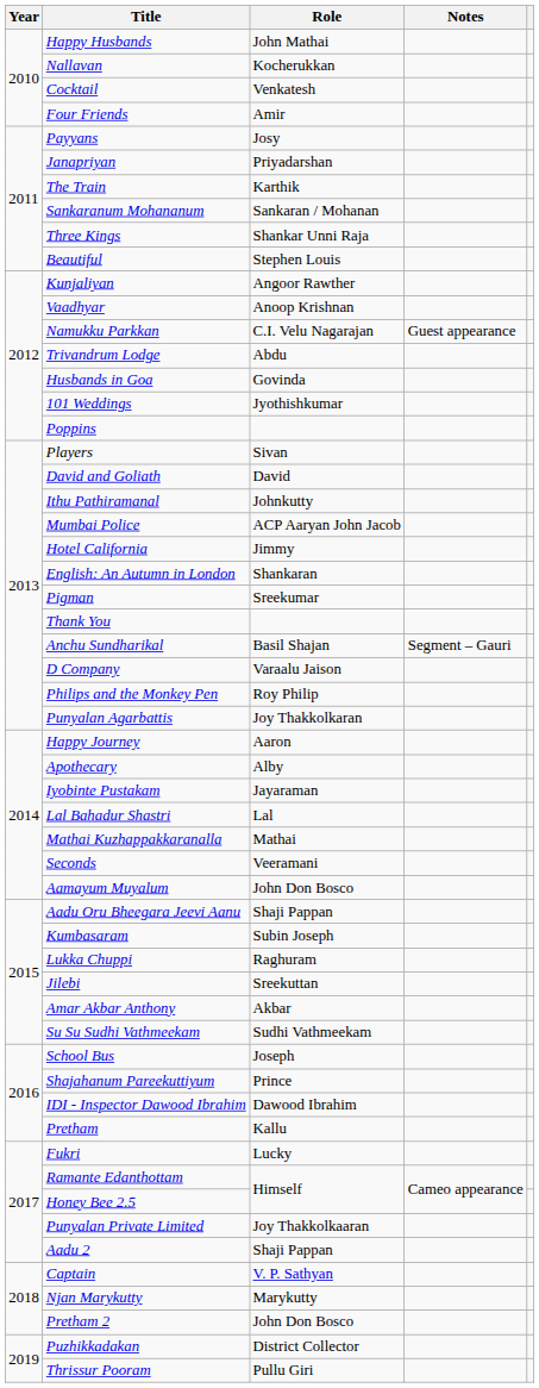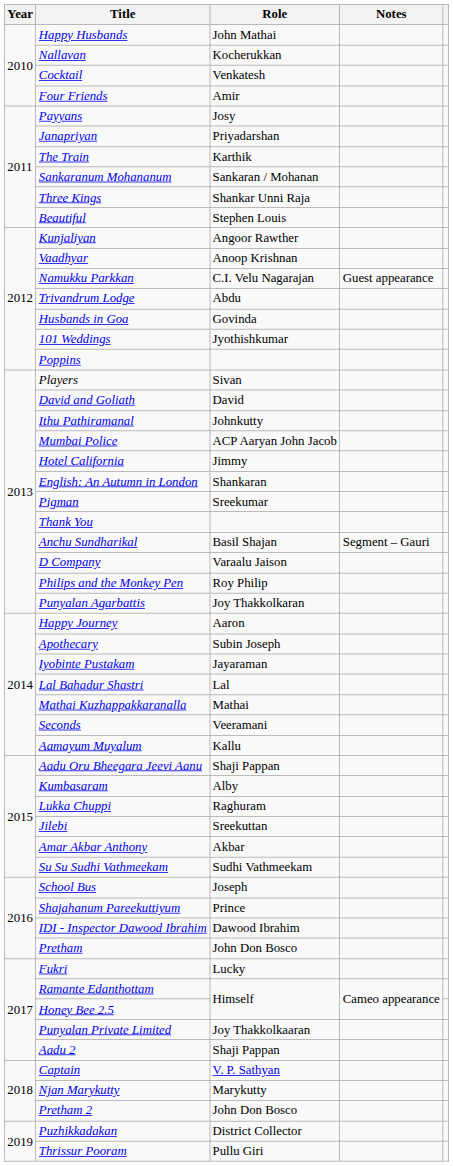 <table class="wikitable sortable">
 <tr>
 <th scope="col">Year</th>
 <th scope="col">Title</th>
 <th scope="col">Role</th>
 <th scope="col" class="unsortable">Notes</th>
 <th scope="col" class="unsortable"></th>
 </tr>
 <tr>
 <td rowspan="4">2010</td>
 <td><em><a href='#'>Happy Husbands</a></em></td>
 <td>John Mathai</td>
 <td></td>
 <td></td>
 </tr>
 <tr>
 <td><em><a href='#'>Nallavan</a></em></td>
 <td>Kocherukkan</td>
 <td></td>
 <td></td>
 </tr>
 <tr>
 <td><em><a href='#'>Cocktail</a></em></td>
 <td>Venkatesh</td>
 <td></td>
 <td></td>
 </tr>
 <tr>
 <td><em><a href='#'>Four Friends</a></em></td>
 <td>Amir</td>
 <td></td>
 <td></td>
 </tr>
 <tr>
 <td rowspan="6">2011</td>
 <td><em><a href='#'>Payyans</a></em></td>
 <td>Josy</td>
 <td></td>
 <td></td>
 </tr>
 <tr>
 <td><em><a href='#'>Janapriyan</a></em></td>
 <td>Priyadarshan</td>
 <td></td>
 <td></td>
 </tr>
 <tr>
 <td><em><a href='#'>The Train</a></em></td>
 <td>Karthik</td>
 <td></td>
 <td></td>
 </tr>
 <tr>
 <td><em><a href='#'>Sankaranum Mohananum</a></em></td>
 <td>Sankaran / Mohanan</td>
 <td></td>
 <td></td>
 </tr>
 <tr>
 <td><em><a href='#'>Three Kings</a></em></td>
 <td>Shankar Unni Raja</td>
 <td></td>
 <td></td>
 </tr>
 <tr>
 <td><em><a href='#'>Beautiful</a></em></td>
 <td>Stephen Louis</td>
 <td></td>
 <td></td>
 </tr>
 <tr>
 <td rowspan="7">2012</td>
 <td><em><a href='#'>Kunjaliyan</a></em></td>
 <td>Angoor Rawther</td>
 <td></td>
 <td></td>
 </tr>
 <tr>
 <td><em><a href='#'>Vaadhyar</a></em></td>
 <td>Anoop Krishnan</td>
 <td></td>
 <td></td>
 </tr>
 <tr>
 <td><em><a href='#'>Namukku Parkkan</a></em></td>
 <td>C.I. Velu Nagarajan</td>
 <td>Guest appearance</td>
 <td></td>
 </tr>
 <tr>
 <td><em><a href='#'>Trivandrum Lodge</a></em></td>
 <td>Abdu</td>
 <td></td>
 <td></td>
 </tr>
 <tr>
 <td><em><a href='#'>Husbands in Goa</a></em></td>
 <td>Govinda</td>
 <td></td>
 <td></td>
 </tr>
 <tr>
 <td><em><a href='#'>101 Weddings</a></em></td>
 <td>Jyothishkumar</td>
 <td></td>
 <td></td>
 </tr>
 <tr>
 <td><em><a href='#'>Poppins</a></em></td>
 <td></td>
 <td></td>
 <td></td>
 </tr>
 <tr>
 <td rowspan="12">2013</td>
 <td><em>Players</em></td>
 <td>Sivan</td>
 <td></td>
 <td></td>
 </tr>
 <tr>
 <td><em><a href='#'>David and Goliath</a></em></td>
 <td>David</td>
 <td></td>
 <td></td>
 </tr>
 <tr>
 <td><em><a href='#'>Ithu Pathiramanal</a></em></td>
 <td>Johnkutty</td>
 <td></td>
 <td></td>
 </tr>
 <tr>
 <td><em><a href='#'>Mumbai Police</a></em></td>
 <td>ACP Aaryan John Jacob</td>
 <td></td>
 <td></td>
 </tr>
 <tr>
 <td><em><a href='#'>Hotel California</a></em></td>
 <td>Jimmy</td>
 <td></td>
 <td></td>
 </tr>
 <tr>
 <td><em><a href='#'>English: An Autumn in London</a></em></td>
 <td>Shankaran</td>
 <td></td>
 <td></td>
 </tr>
 <tr>
 <td><em><a href='#'>Pigman</a></em></td>
 <td>Sreekumar</td>
 <td></td>
 <td></td>
 </tr>
 <tr>
 <td><em><a href='#'>Thank You</a></em></td>
 <td></td>
 <td></td>
 <td></td>
 </tr>
 <tr>
 <td><em><a href='#'>Anchu Sundharikal</a></em></td>
 <td>Basil Shajan</td>
 <td>Segment – Gauri</td>
 <td></td>
 </tr>
 <tr>
 <td><em><a href='#'>D Company</a></em></td>
 <td>Varaalu Jaison</td>
 <td></td>
 <td></td>
 </tr>
 <tr>
 <td><em><a href='#'>Philips and the Monkey Pen</a></em></td>
 <td>Roy Philip</td>
 <td></td>
 <td></td>
 </tr>
 <tr>
 <td><em><a href='#'>Punyalan Agarbattis</a></em></td>
 <td>Joy Thakkolkaran</td>
 <td></td>
 <td></td>
 </tr>
 <tr>
 <td rowspan="7">2014</td>
 <td><em><a href='#'>Happy Journey</a></em></td>
 <td>Aaron</td>
 <td></td>
 <td></td>
 </tr>
 <tr>
 <td><em><a href='#'>Apothecary</a></em></td>
-<td>Alby</td>
+<td>Subin Joseph</td>
 <td></td>
 <td></td>
 </tr>
 <tr>
 <td><em><a href='#'>Iyobinte Pustakam</a></em></td>
 <td>Jayaraman</td>
 <td></td>
 <td></td>
 </tr>
 <tr>
 <td><em><a href='#'>Lal Bahadur Shastri</a></em></td>
 <td>Lal</td>
 <td></td>
 <td></td>
 </tr>
 <tr>
 <td><em><a href='#'>Mathai Kuzhappakkaranalla</a></em></td>
 <td>Mathai</td>
 <td></td>
 <td></td>
 </tr>
 <tr>
 <td><em><a href='#'>Seconds</a></em></td>
 <td>Veeramani</td>
 <td></td>
 <td></td>
 </tr>
 <tr>
 <td><em><a href='#'>Aamayum Muyalum</a></em></td>
-<td>John Don Bosco</td>
+<td>Kallu</td>
 <td></td>
 <td></td>
 </tr>
 <tr>
 <td rowspan="6">2015</td>
 <td><em><a href='#'>Aadu Oru Bheegara Jeevi Aanu</a></em></td>
 <td>Shaji Pappan</td>
 <td></td>
 <td></td>
 </tr>
 <tr>
 <td><em><a href='#'>Kumbasaram</a></em></td>
-<td>Subin Joseph</td>
+<td>Alby</td>
 <td></td>
 <td></td>
 </tr>
 <tr>
 <td><em><a href='#'>Lukka Chuppi</a></em></td>
 <td>Raghuram</td>
 <td></td>
 <td></td>
 </tr>
 <tr>
 <td><em><a href='#'>Jilebi</a></em></td>
 <td>Sreekuttan</td>
 <td></td>
 <td></td>
 </tr>
 <tr>
 <td><em><a href='#'>Amar Akbar Anthony</a></em></td>
 <td>Akbar</td>
 <td></td>
 <td></td>
 </tr>
 <tr>
 <td><em><a href='#'>Su Su Sudhi Vathmeekam</a></em></td>
 <td>Sudhi Vathmeekam</td>
 <td></td>
 <td></td>
 </tr>
 <tr>
 <td rowspan="4">2016</td>
 <td><em><a href='#'>School Bus</a> </em></td>
 <td>Joseph</td>
 <td></td>
 <td></td>
 </tr>
 <tr>
 <td><em><a href='#'>Shajahanum Pareekuttiyum</a> </em></td>
 <td>Prince</td>
 <td></td>
 <td></td>
 </tr>
 <tr>
 <td><em><a href='#'>IDI - Inspector Dawood Ibrahim</a></em></td>
 <td>Dawood Ibrahim</td>
 <td></td>
 <td></td>
 </tr>
 <tr>
 <td><em> <a href='#'>Pretham</a></em></td>
-<td>Kallu</td>
+<td>John Don Bosco</td>
 <td></td>
 <td></td>
 </tr>
 <tr>
 <td rowspan="5">2017</td>
 <td><em><a href='#'>Fukri</a></em></td>
 <td>Lucky</td>
 <td></td>
 <td></td>
 </tr>
 <tr>
 <td><em><a href='#'>Ramante Edanthottam</a></em></td>
 <td rowspan="2">Himself</td>
 <td rowspan="2">Cameo appearance</td>
 <td></td>
 </tr>
 <tr>
 <td><em><a href='#'>Honey Bee 2.5</a></em></td>
 <td></td>
 </tr>
 <tr>
 <td><em><a href='#'>Punyalan Private Limited</a></em></td>
 <td>Joy Thakkolkaaran</td>
 <td></td>
 <td></td>
 </tr>
 <tr>
 <td><em><a href='#'>Aadu 2</a></em></td>
 <td>Shaji Pappan</td>
 <td></td>
 <td></td>
 </tr>
 <tr>
 <td rowspan="3">2018</td>
 <td><em><a href='#'>Captain</a></em></td>
 <td><a href='#'>V. P. Sathyan</a></td>
 <td></td>
 <td></td>
 </tr>
 <tr>
 <td><em><a href='#'>Njan Marykutty</a> </em></td>
 <td>Marykutty</td>
 <td></td>
 <td></td>
 </tr>
 <tr>
 <td><em><a href='#'>Pretham 2</a> </em></td>
 <td>John Don Bosco</td>
 <td></td>
 <td></td>
 </tr>
 <tr>
 <td rowspan="2">2019</td>
 <td><em><a href='#'>Puzhikkadakan</a></em></td>
 <td>District Collector</td>
 <td></td>
 <td></td>
 </tr>
 <tr>
 <td><em><a href='#'>Thrissur Pooram</a></em></td>
 <td>Pullu Giri</td>
 <td></td>
 <td></td>
 </tr>
 </table>
